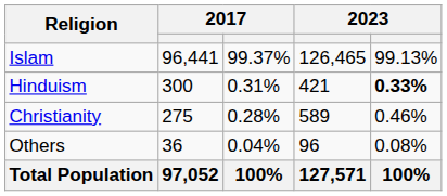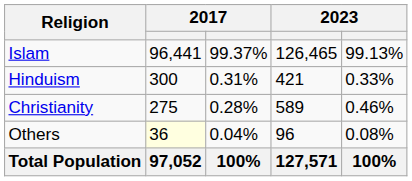 <table class="wikitable sortable">
 <tr>
 <th rowspan="2">Religion</th>
 <th colspan="2">2017</th>
 <th colspan="2">2023</th>
 </tr>
 <tr>
 <th></th>
 <th></th>
 <th></th>
 <th></th>
 </tr>
 <tr>
 <td><a href='#'>Islam</a> </td>
 <td>96,441</td>
 <td>99.37%</td>
 <td>126,465</td>
 <td>99.13%</td>
 </tr>
 <tr>
 <td><a href='#'>Hinduism</a> </td>
 <td>300</td>
 <td>0.31%</td>
 <td>421</td>
-<td><strong>0.33%</strong></td>
+<td>0.33%</td>
 </tr>
 <tr>
 <td><a href='#'>Christianity</a> </td>
 <td>275</td>
 <td>0.28%</td>
 <td>589</td>
 <td>0.46%</td>
 </tr>
 <tr>
 <td>Others</td>
-<td>36</td>
+<td style="background: lightyellow;">36</td>
 <td>0.04%</td>
 <td>96</td>
 <td>0.08%</td>
 </tr>
 <tr>
 <th>Total Population</th>
 <th>97,052</th>
 <th>100%</th>
 <th>127,571</th>
 <th>100%</th>
 </tr>
 </table>
